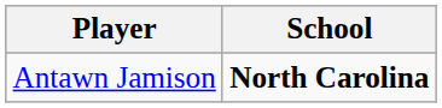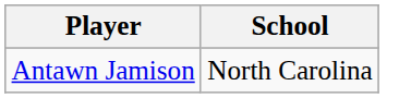 <table class="wikitable sortable">
 <tr>
 <th>Player</th>
 <th>School</th>
 </tr>
 <tr>
 <td><a href='#'>Antawn Jamison</a></td>
-<td><strong>North Carolina</strong></td>
+<td>North Carolina</td>
 </tr>
 </table>
